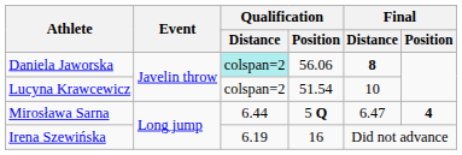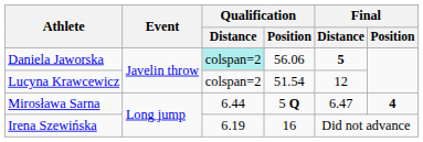 <table class=wikitable style="font-size:90%">
 <tr>
 <th rowspan="2">Athlete</th>
 <th rowspan="2">Event</th>
 <th colspan="2">Qualification</th>
 <th colspan="2">Final</th>
 </tr>
 <tr style="font-size:95%">
 <th>Distance</th>
 <th>Position</th>
 <th>Distance</th>
 <th>Position</th>
 </tr>
 <tr align=center>
 <td align=left><a href='#'>Daniela Jaworska</a></td>
 <td align=left rowspan=2><a href='#'>Javelin throw</a></td>
 <td style="background: paleturquoise;">colspan=2 </td>
 <td>56.06</td>
-<td><strong>8</strong></td>
+<td><strong>5</strong></td>
 </tr>
 <tr align=center>
 <td align=left><a href='#'>Lucyna Krawcewicz</a></td>
 <td>colspan=2 </td>
 <td>51.54</td>
-<td>10</td>
+<td>12</td>
 </tr>
 <tr align=center>
 <td align=left><a href='#'>Mirosława Sarna</a></td>
 <td align=left rowspan=2><a href='#'>Long jump</a></td>
 <td>6.44</td>
 <td>5 <strong>Q</strong></td>
 <td>6.47</td>
 <td><strong>4</strong></td>
 </tr>
 <tr align=center>
 <td align=left><a href='#'>Irena Szewińska</a></td>
 <td>6.19</td>
 <td>16</td>
 <td colspan=2>Did not advance</td>
 </tr>
 </table>
